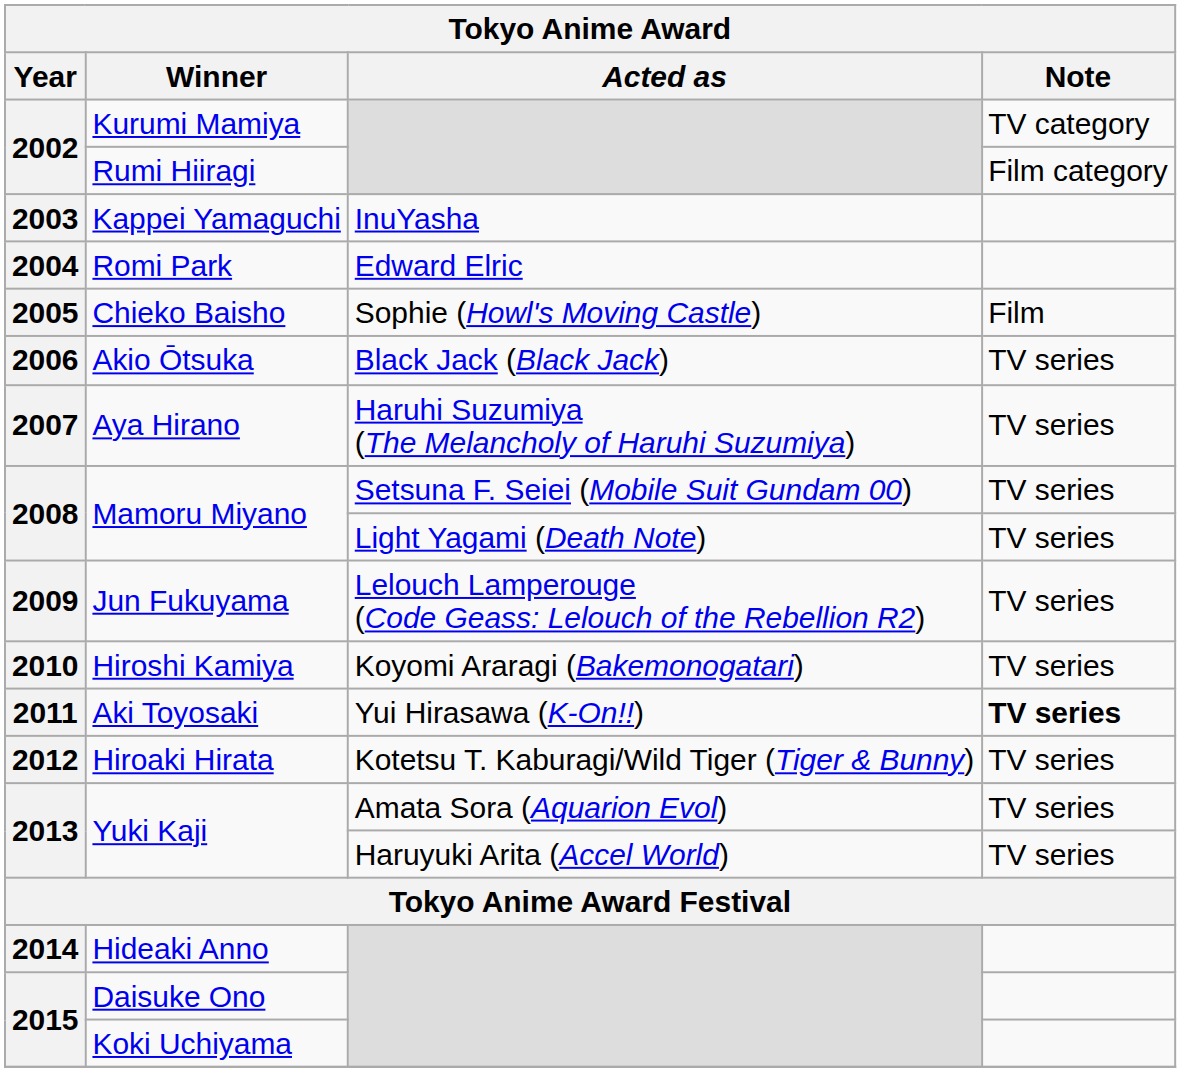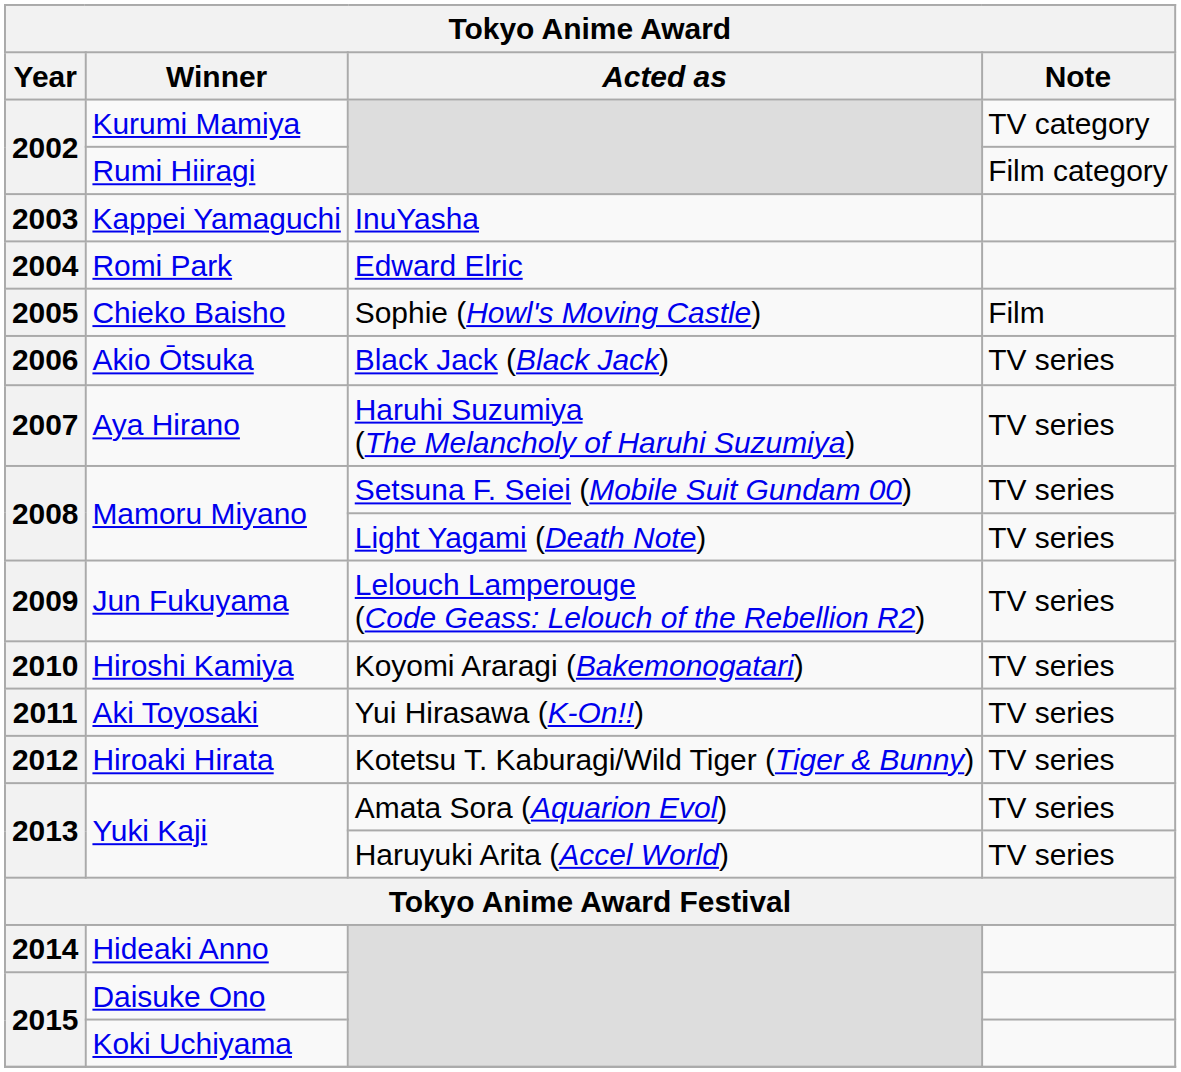 <table class="wikitable" style="font-size: 95%;">
 <tr>
 <th colspan="4">Tokyo Anime Award</th>
 </tr>
 <tr>
 <th>Year</th>
 <th>Winner</th>
 <th><em>Acted as</em></th>
 <th>Note</th>
 </tr>
 <tr>
 <th rowspan="2">2002</th>
 <td><a href='#'>Kurumi Mamiya</a></td>
 <td rowspan="2" bgcolor="#DDDDDD"></td>
 <td>TV category</td>
 </tr>
 <tr>
 <td><a href='#'>Rumi Hiiragi</a></td>
 <td>Film category</td>
 </tr>
 <tr>
 <th>2003</th>
 <td><a href='#'>Kappei Yamaguchi</a></td>
 <td><a href='#'>InuYasha</a></td>
 <td></td>
 </tr>
 <tr>
 <th>2004</th>
 <td><a href='#'>Romi Park</a></td>
 <td><a href='#'>Edward Elric</a></td>
 <td></td>
 </tr>
 <tr>
 <th>2005</th>
 <td><a href='#'>Chieko Baisho</a></td>
 <td>Sophie (<em><a href='#'>Howl's Moving Castle</a></em>)</td>
 <td>Film</td>
 </tr>
 <tr>
 <th>2006</th>
 <td><a href='#'>Akio Ōtsuka</a></td>
 <td><a href='#'>Black Jack</a> (<em><a href='#'>Black Jack</a></em>)</td>
 <td>TV series</td>
 </tr>
 <tr>
 <th>2007</th>
 <td><a href='#'>Aya Hirano</a></td>
 <td><a href='#'>Haruhi Suzumiya</a><br>(<em><a href='#'>The Melancholy of Haruhi Suzumiya</a></em>)</td>
 <td>TV series</td>
 </tr>
 <tr>
 <th rowspan="2">2008</th>
 <td rowspan="2"><a href='#'>Mamoru Miyano</a></td>
 <td><a href='#'>Setsuna F. Seiei</a> (<em><a href='#'>Mobile Suit Gundam 00</a></em>)</td>
 <td>TV series</td>
 </tr>
 <tr>
 <td><a href='#'>Light Yagami</a> (<em><a href='#'>Death Note</a></em>)</td>
 <td>TV series</td>
 </tr>
 <tr>
 <th>2009</th>
 <td><a href='#'>Jun Fukuyama</a></td>
 <td><a href='#'>Lelouch Lamperouge</a><br>(<em><a href='#'>Code Geass: Lelouch of the Rebellion R2</a></em>)</td>
 <td>TV series</td>
 </tr>
 <tr>
 <th>2010</th>
 <td><a href='#'>Hiroshi Kamiya</a></td>
 <td>Koyomi Araragi (<em><a href='#'>Bakemonogatari</a></em>)</td>
 <td>TV series</td>
 </tr>
 <tr>
 <th>2011</th>
 <td><a href='#'>Aki Toyosaki</a></td>
 <td>Yui Hirasawa (<em><a href='#'>K-On!!</a></em>)</td>
-<td><strong>TV series</strong></td>
+<td>TV series</td>
 </tr>
 <tr>
 <th>2012</th>
 <td><a href='#'>Hiroaki Hirata</a></td>
 <td>Kotetsu T. Kaburagi/Wild Tiger (<em><a href='#'>Tiger & Bunny</a></em>)</td>
 <td>TV series</td>
 </tr>
 <tr>
 <th rowspan="2">2013</th>
 <td rowspan="2"><a href='#'>Yuki Kaji</a></td>
 <td>Amata Sora (<em><a href='#'>Aquarion Evol</a></em>)</td>
 <td>TV series</td>
 </tr>
 <tr>
 <td>Haruyuki Arita (<em><a href='#'>Accel World</a></em>)</td>
 <td>TV series</td>
 </tr>
 <tr>
 <th colspan="4">Tokyo Anime Award Festival</th>
 </tr>
 <tr>
 <th>2014</th>
 <td><a href='#'>Hideaki Anno</a></td>
 <td rowspan="3" bgcolor="#DDDDDD"></td>
 <td></td>
 </tr>
 <tr>
 <th rowspan="2">2015</th>
 <td><a href='#'>Daisuke Ono</a></td>
 <td></td>
 </tr>
 <tr>
 <td><a href='#'>Koki Uchiyama</a></td>
 <td></td>
 </tr>
 <tr>
 </tr>
 </table>
